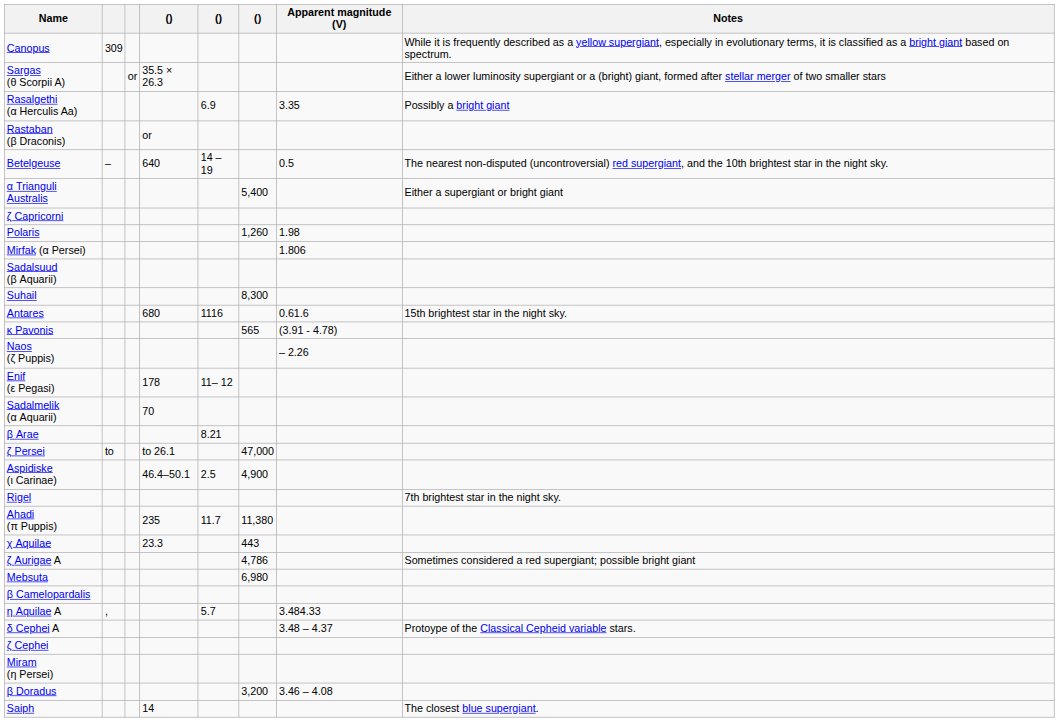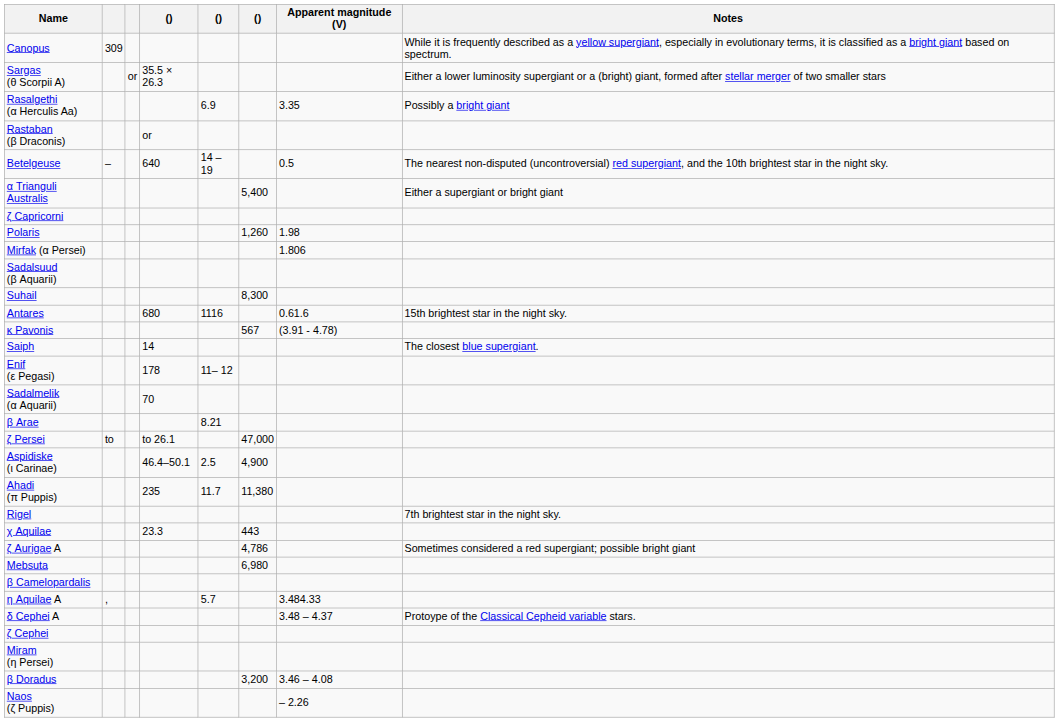 <table class="wikitable sortable sticky-header">
 <tr>
 <th>Name</th>
 <th></th>
 <th></th>
 <th> ()</th>
 <th> ()</th>
 <th> ()</th>
 <th>Apparent magnitude (V)</th>
 <th class=unsortable>Notes</th>
 </tr>
 <tr>
 <td><a href='#'>Canopus</a></td>
 <td>309</td>
 <td style="background: "></td>
 <td></td>
 <td></td>
 <td></td>
 <td></td>
 <td>While it is frequently described as a <a href='#'>yellow supergiant</a>, especially in evolutionary terms, it is classified as a <a href='#'>bright giant</a> based on spectrum.</td>
 </tr>
 <tr>
 <td><a href='#'>Sargas</a><br>(θ Scorpii A)</td>
 <td></td>
 <td style="background: "> or </td>
 <td>35.5 × 26.3</td>
 <td></td>
 <td></td>
 <td></td>
 <td>Either a lower luminosity supergiant or a (bright) giant, formed after <a href='#'>stellar merger</a> of two smaller stars</td>
 </tr>
 <tr>
 <td><a href='#'>Rasalgethi</a><br>(α Herculis Aa)</td>
 <td></td>
 <td style="background: "></td>
 <td></td>
 <td>6.9</td>
 <td></td>
 <td>3.35</td>
 <td>Possibly a <a href='#'>bright giant</a></td>
 </tr>
 <tr>
 <td><a href='#'>Rastaban</a><br>(β Draconis)</td>
 <td></td>
 <td style="background: "></td>
 <td> or </td>
 <td></td>
 <td></td>
 <td></td>
 <td></td>
 </tr>
 <tr>
 <td><a href='#'>Betelgeuse</a></td>
 <td>–</td>
 <td style="background: "></td>
 <td>640</td>
 <td>14 – 19</td>
 <td></td>
 <td>0.5 </td>
 <td>The nearest non-disputed (uncontroversial) <a href='#'>red supergiant</a>, and the 10th brightest star in the night sky.</td>
 </tr>
 <tr>
 <td><a href='#'>α Trianguli Australis</a></td>
 <td></td>
 <td style="background: "></td>
 <td></td>
 <td></td>
 <td>5,400</td>
 <td></td>
 <td>Either a supergiant or bright giant</td>
 </tr>
 <tr>
 <td><a href='#'>ζ Capricorni</a></td>
 <td></td>
 <td style="background: "></td>
 <td></td>
 <td></td>
 <td></td>
 <td></td>
 <td></td>
 </tr>
 <tr>
 <td><a href='#'>Polaris</a></td>
 <td></td>
 <td style="background: "></td>
 <td></td>
 <td></td>
 <td>1,260</td>
 <td>1.98 </td>
 <td></td>
 </tr>
 <tr>
 <td><a href='#'>Mirfak</a> (α Persei)</td>
 <td></td>
 <td style="background: "></td>
 <td></td>
 <td></td>
 <td></td>
 <td>1.806</td>
 <td></td>
 </tr>
 <tr>
 <td><a href='#'>Sadalsuud</a><br>(β Aquarii)</td>
 <td></td>
 <td style="background: "></td>
 <td></td>
 <td></td>
 <td></td>
 <td></td>
 <td></td>
 </tr>
 <tr>
 <td><a href='#'>Suhail</a> </td>
 <td></td>
 <td style="background: "></td>
 <td></td>
 <td></td>
 <td>8,300</td>
 <td> </td>
 <td></td>
 </tr>
 <tr>
 <td><a href='#'>Antares</a></td>
 <td></td>
 <td style="background: "></td>
 <td>680</td>
 <td>1116</td>
 <td></td>
 <td>0.61.6</td>
 <td>15th brightest star in the night sky.</td>
 </tr>
 <tr>
 <td><a href='#'>κ Pavonis</a></td>
 <td></td>
 <td style="background: "></td>
 <td></td>
 <td></td>
-<td>565</td>
+<td>567</td>
 <td> (3.91 - 4.78)</td>
 <td></td>
 </tr>
 <tr>
-<td><a href='#'>Naos</a><br>(ζ Puppis)</td>
+<td><a href='#'>Saiph</a></td>
 <td></td>
 <td style="background: "></td>
+<td>14</td>
 <td></td>
 <td></td>
 <td></td>
-<td> – 2.26</td>
-<td></td>
+<td>The closest <a href='#'>blue supergiant</a>.</td>
 </tr>
 <tr>
 <td><a href='#'>Enif</a><br>(ε Pegasi)</td>
 <td></td>
 <td style="background: "></td>
 <td>178</td>
 <td>11– 12</td>
 <td></td>
 <td> </td>
 <td></td>
 </tr>
 <tr>
 <td><a href='#'>Sadalmelik</a><br>(α Aquarii)</td>
 <td></td>
 <td style="background: "></td>
 <td>70</td>
 <td></td>
 <td></td>
 <td></td>
 <td></td>
 </tr>
 <tr>
 <td><a href='#'>β Arae</a></td>
 <td></td>
 <td style="background: "></td>
 <td> </td>
 <td>8.21</td>
 <td></td>
 <td></td>
 <td></td>
 </tr>
 <tr>
 <td><a href='#'>ζ Persei</a></td>
 <td> to </td>
 <td style="background: "></td>
 <td> to 26.1</td>
 <td></td>
 <td>47,000</td>
 <td></td>
 <td></td>
 </tr>
 <tr>
 <td><a href='#'>Aspidiske</a><br>(ι Carinae)</td>
 <td></td>
 <td style="background: "></td>
 <td>46.4–50.1</td>
 <td>2.5</td>
 <td>4,900</td>
 <td></td>
 <td></td>
 </tr>
 <tr>
+<td><a href='#'>Ahadi</a><br>(π Puppis)</td>
+<td></td>
+<td style="background: "></td>
+<td>235</td>
+<td>11.7</td>
+<td>11,380</td>
+<td></td>
+<td></td>
+</tr>
+<tr>
 <td><a href='#'>Rigel</a></td>
 <td></td>
 <td style="background: "></td>
 <td></td>
 <td></td>
 <td></td>
 <td> </td>
 <td>7th brightest star in the night sky.</td>
-</tr>
-<tr>
-<td><a href='#'>Ahadi</a><br>(π Puppis)</td>
-<td></td>
-<td style="background: "></td>
-<td>235</td>
-<td>11.7</td>
-<td>11,380</td>
-<td></td>
-<td></td>
 </tr>
 <tr>
 <td><a href='#'>χ Aquilae</a></td>
 <td></td>
 <td style="background: "></td>
 <td>23.3</td>
 <td></td>
 <td>443</td>
 <td></td>
 <td></td>
 </tr>
 <tr>
 <td><a href='#'>ζ Aurigae</a> A</td>
 <td></td>
 <td style="background: "></td>
 <td></td>
 <td></td>
 <td>4,786</td>
 <td> </td>
 <td>Sometimes considered a red supergiant; possible bright giant</td>
 </tr>
 <tr>
 <td><a href='#'>Mebsuta</a> </td>
 <td></td>
 <td style="background: "></td>
 <td></td>
 <td></td>
 <td>6,980</td>
 <td></td>
 <td></td>
 </tr>
 <tr>
 <td><a href='#'>β Camelopardalis</a></td>
 <td></td>
 <td style="background: "></td>
 <td></td>
 <td></td>
 <td></td>
 <td></td>
 <td></td>
 </tr>
 <tr>
 <td><a href='#'>η Aquilae</a> A</td>
 <td>, </td>
 <td style="background: "></td>
 <td></td>
 <td>5.7</td>
 <td></td>
 <td>3.484.33</td>
 <td></td>
 </tr>
 <tr>
 <td><a href='#'>δ Cephei</a> A</td>
 <td></td>
 <td style="background: "></td>
 <td></td>
 <td></td>
 <td></td>
 <td>3.48 – 4.37</td>
 <td>Protoype of the <a href='#'>Classical Cepheid variable</a> stars.</td>
 </tr>
 <tr>
 <td><a href='#'>ζ Cephei</a></td>
 <td></td>
 <td style="background: "></td>
 <td></td>
 <td></td>
 <td></td>
 <td></td>
 <td></td>
 </tr>
 <tr>
 <td><a href='#'>Miram</a><br>(η Persei)</td>
 <td></td>
 <td style="background: "></td>
 <td></td>
 <td></td>
 <td></td>
 <td></td>
 <td></td>
 </tr>
 <tr>
 <td><a href='#'>β Doradus</a></td>
 <td></td>
 <td style="background: "></td>
 <td></td>
 <td></td>
 <td>3,200</td>
 <td>3.46 – 4.08</td>
 <td></td>
 </tr>
 <tr>
-<td><a href='#'>Saiph</a></td>
+<td><a href='#'>Naos</a><br>(ζ Puppis)</td>
 <td></td>
 <td style="background: "></td>
-<td>14</td>
 <td></td>
 <td></td>
 <td></td>
-<td>The closest <a href='#'>blue supergiant</a>.</td>
+<td> – 2.26</td>
+<td></td>
 </tr>
 </table>
